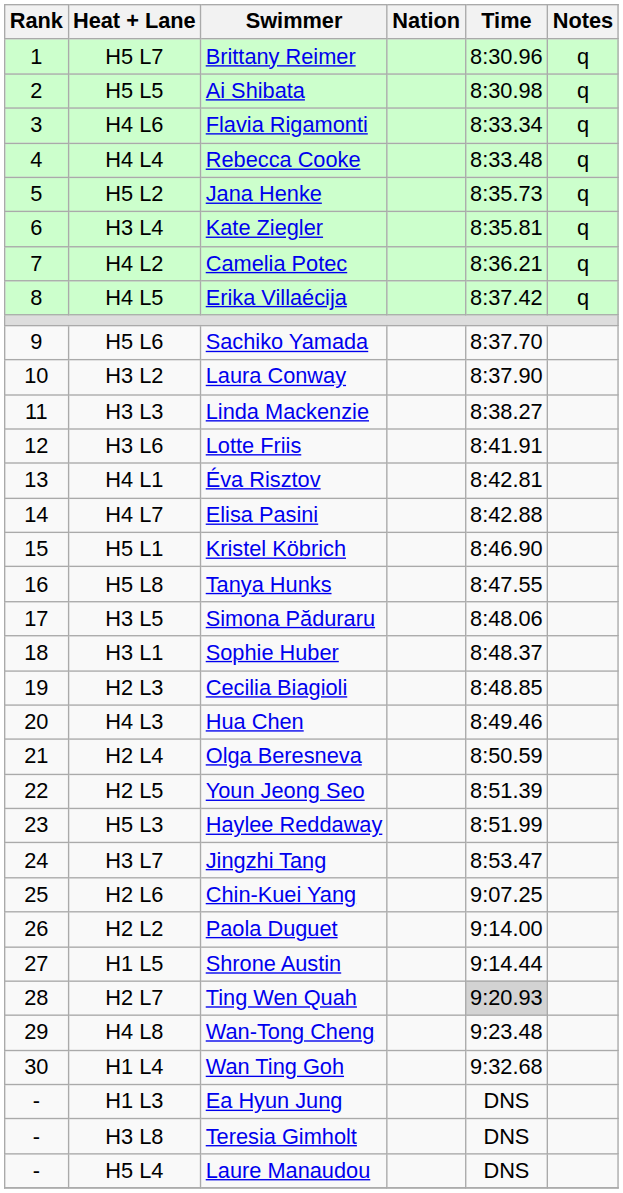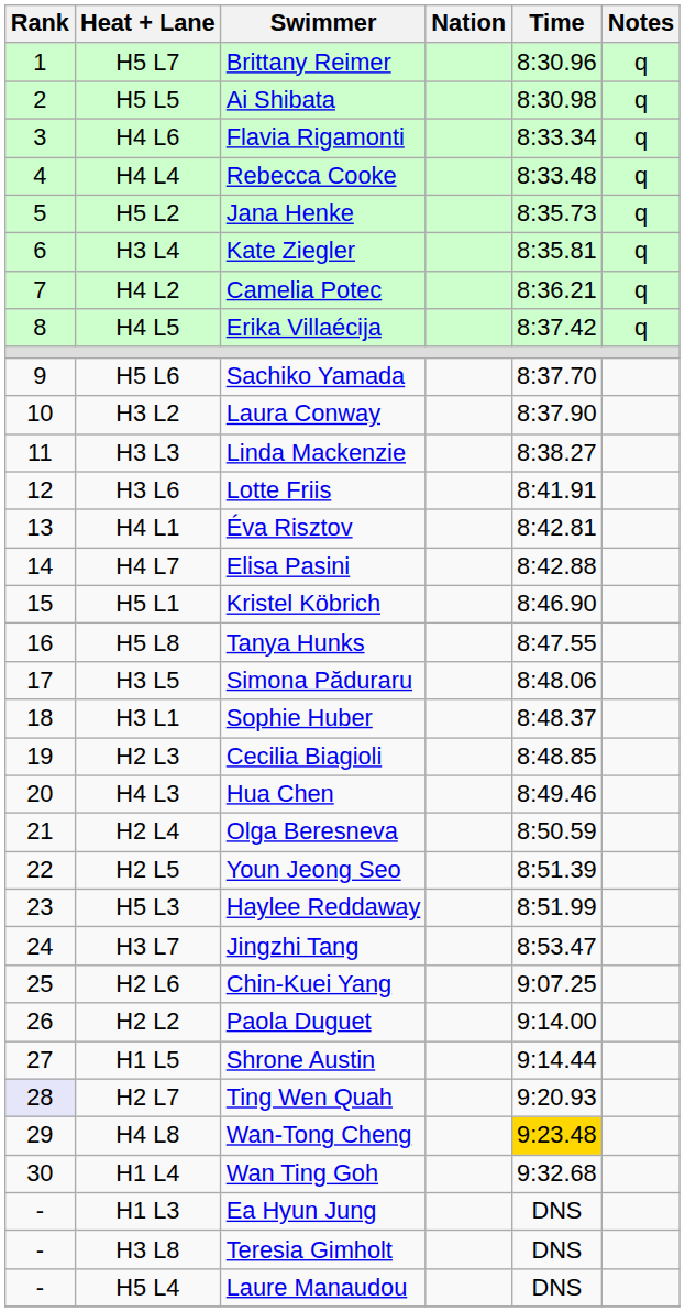 <table class="wikitable sortable" style="text-align:center">
 <tr>
 <th>Rank</th>
 <th>Heat + Lane</th>
 <th>Swimmer</th>
 <th>Nation</th>
 <th>Time</th>
 <th>Notes</th>
 </tr>
 <tr bgcolor=ccffcc>
 <td>1</td>
 <td>H5 L7</td>
 <td align=left><a href='#'>Brittany Reimer</a></td>
 <td align=left></td>
 <td>8:30.96</td>
 <td>q</td>
 </tr>
 <tr bgcolor=ccffcc>
 <td>2</td>
 <td>H5 L5</td>
 <td align=left><a href='#'>Ai Shibata</a></td>
 <td align=left></td>
 <td>8:30.98</td>
 <td>q</td>
 </tr>
 <tr bgcolor=ccffcc>
 <td>3</td>
 <td>H4 L6</td>
 <td align=left><a href='#'>Flavia Rigamonti</a></td>
 <td align=left></td>
 <td>8:33.34</td>
 <td>q</td>
 </tr>
 <tr bgcolor=ccffcc>
 <td>4</td>
 <td>H4 L4</td>
 <td align=left><a href='#'>Rebecca Cooke</a></td>
 <td align=left></td>
 <td>8:33.48</td>
 <td>q</td>
 </tr>
 <tr bgcolor=ccffcc>
 <td>5</td>
 <td>H5 L2</td>
 <td align=left><a href='#'>Jana Henke</a></td>
 <td align=left></td>
 <td>8:35.73</td>
 <td>q</td>
 </tr>
 <tr bgcolor=ccffcc>
 <td>6</td>
 <td>H3 L4</td>
 <td align=left><a href='#'>Kate Ziegler</a></td>
 <td align=left></td>
 <td>8:35.81</td>
 <td>q</td>
 </tr>
 <tr bgcolor=ccffcc>
 <td>7</td>
 <td>H4 L2</td>
 <td align=left><a href='#'>Camelia Potec</a></td>
 <td align=left></td>
 <td>8:36.21</td>
 <td>q</td>
 </tr>
 <tr bgcolor=ccffcc>
 <td>8</td>
 <td>H4 L5</td>
 <td align=left><a href='#'>Erika Villaécija</a></td>
 <td align=left></td>
 <td>8:37.42</td>
 <td>q</td>
 </tr>
 <tr bgcolor=#DDDDDD>
 <td colspan=6></td>
 </tr>
 <tr>
 <td>9</td>
 <td>H5 L6</td>
 <td align=left><a href='#'>Sachiko Yamada</a></td>
 <td align=left></td>
 <td>8:37.70</td>
 <td></td>
 </tr>
 <tr>
 <td>10</td>
 <td>H3 L2</td>
 <td align=left><a href='#'>Laura Conway</a></td>
 <td align=left></td>
 <td>8:37.90</td>
 <td></td>
 </tr>
 <tr>
 <td>11</td>
 <td>H3 L3</td>
 <td align=left><a href='#'>Linda Mackenzie</a></td>
 <td align=left></td>
 <td>8:38.27</td>
 <td></td>
 </tr>
 <tr>
 <td>12</td>
 <td>H3 L6</td>
 <td align=left><a href='#'>Lotte Friis</a></td>
 <td align=left></td>
 <td>8:41.91</td>
 <td></td>
 </tr>
 <tr>
 <td>13</td>
 <td>H4 L1</td>
 <td align=left><a href='#'>Éva Risztov</a></td>
 <td align=left></td>
 <td>8:42.81</td>
 <td></td>
 </tr>
 <tr>
 <td>14</td>
 <td>H4 L7</td>
 <td align=left><a href='#'>Elisa Pasini</a></td>
 <td align=left></td>
 <td>8:42.88</td>
 <td></td>
 </tr>
 <tr>
 <td>15</td>
 <td>H5 L1</td>
 <td align=left><a href='#'>Kristel Köbrich</a></td>
 <td align=left></td>
 <td>8:46.90</td>
 <td></td>
 </tr>
 <tr>
 <td>16</td>
 <td>H5 L8</td>
 <td align=left><a href='#'>Tanya Hunks</a></td>
 <td align=left></td>
 <td>8:47.55</td>
 <td></td>
 </tr>
 <tr>
 <td>17</td>
 <td>H3 L5</td>
 <td align=left><a href='#'>Simona Păduraru</a></td>
 <td align=left></td>
 <td>8:48.06</td>
 <td></td>
 </tr>
 <tr>
 <td>18</td>
 <td>H3 L1</td>
 <td align=left><a href='#'>Sophie Huber</a></td>
 <td align=left></td>
 <td>8:48.37</td>
 <td></td>
 </tr>
 <tr>
 <td>19</td>
 <td>H2 L3</td>
 <td align=left><a href='#'>Cecilia Biagioli</a></td>
 <td align=left></td>
 <td>8:48.85</td>
 <td></td>
 </tr>
 <tr>
 <td>20</td>
 <td>H4 L3</td>
 <td align=left><a href='#'>Hua Chen</a></td>
 <td align=left></td>
 <td>8:49.46</td>
 <td></td>
 </tr>
 <tr>
 <td>21</td>
 <td>H2 L4</td>
 <td align=left><a href='#'>Olga Beresneva</a></td>
 <td align=left></td>
 <td>8:50.59</td>
 <td></td>
 </tr>
 <tr>
 <td>22</td>
 <td>H2 L5</td>
 <td align=left><a href='#'>Youn Jeong Seo</a></td>
 <td align=left></td>
 <td>8:51.39</td>
 <td></td>
 </tr>
 <tr>
 <td>23</td>
 <td>H5 L3</td>
 <td align=left><a href='#'>Haylee Reddaway</a></td>
 <td align=left></td>
 <td>8:51.99</td>
 <td></td>
 </tr>
 <tr>
 <td>24</td>
 <td>H3 L7</td>
 <td align=left><a href='#'>Jingzhi Tang</a></td>
 <td align=left></td>
 <td>8:53.47</td>
 <td></td>
 </tr>
 <tr>
 <td>25</td>
 <td>H2 L6</td>
 <td align=left><a href='#'>Chin-Kuei Yang</a></td>
 <td align=left></td>
 <td>9:07.25</td>
 <td></td>
 </tr>
 <tr>
 <td>26</td>
 <td>H2 L2</td>
 <td align=left><a href='#'>Paola Duguet</a></td>
 <td align=left></td>
 <td>9:14.00</td>
 <td></td>
 </tr>
 <tr>
 <td>27</td>
 <td>H1 L5</td>
 <td align=left><a href='#'>Shrone Austin</a></td>
 <td align=left></td>
 <td>9:14.44</td>
 <td></td>
 </tr>
 <tr>
-<td>28</td>
+<td style="background: lavender;">28</td>
 <td>H2 L7</td>
 <td align=left><a href='#'>Ting Wen Quah</a></td>
 <td align=left></td>
-<td style="background: lightgrey;">9:20.93</td>
+<td>9:20.93</td>
 <td></td>
 </tr>
 <tr>
 <td>29</td>
 <td>H4 L8</td>
 <td align=left><a href='#'>Wan-Tong Cheng</a></td>
 <td align=left></td>
-<td>9:23.48</td>
+<td style="background: gold;">9:23.48</td>
 <td></td>
 </tr>
 <tr>
 <td>30</td>
 <td>H1 L4</td>
 <td align=left><a href='#'>Wan Ting Goh</a></td>
 <td align=left></td>
 <td>9:32.68</td>
 <td></td>
 </tr>
 <tr>
 <td>-</td>
 <td>H1 L3</td>
 <td align=left><a href='#'>Ea Hyun Jung</a></td>
 <td align=left></td>
 <td>DNS</td>
 <td></td>
 </tr>
 <tr>
 <td>-</td>
 <td>H3 L8</td>
 <td align=left><a href='#'>Teresia Gimholt</a></td>
 <td align=left></td>
 <td>DNS</td>
 <td></td>
 </tr>
 <tr>
 <td>-</td>
 <td>H5 L4</td>
 <td align=left><a href='#'>Laure Manaudou</a></td>
 <td align=left></td>
 <td>DNS</td>
 <td></td>
 </tr>
 <tr>
 </tr>
 </table>
